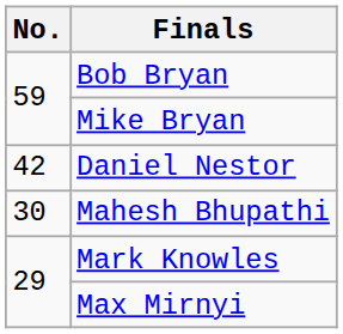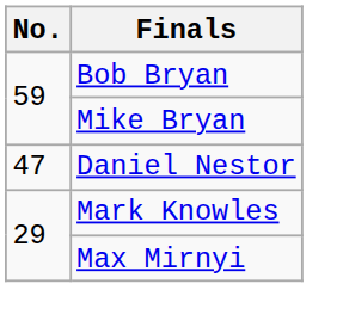 <table class="wikitable" style="display: inline-table;">
 <tr>
 <th width=20>No.</th>
 <th>Finals</th>
 </tr>
 <tr>
 <td rowspan="2">59</td>
 <td> <a href='#'>Bob Bryan</a></td>
 </tr>
 <tr>
 <td> <a href='#'>Mike Bryan</a></td>
 </tr>
 <tr>
-<td>42</td>
+<td>47</td>
 <td> <a href='#'>Daniel Nestor</a></td>
-</tr>
-<tr>
-<td>30</td>
-<td> <a href='#'>Mahesh Bhupathi</a></td>
 </tr>
 <tr>
 <td rowspan="2">29</td>
 <td> <a href='#'>Mark Knowles</a></td>
 </tr>
 <tr>
 <td> <a href='#'>Max Mirnyi</a></td>
 </tr>
 </table>
